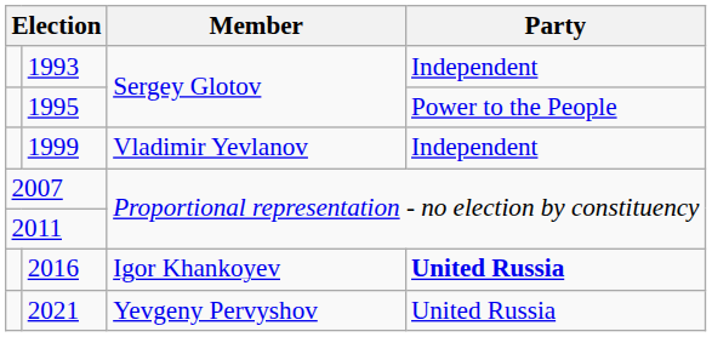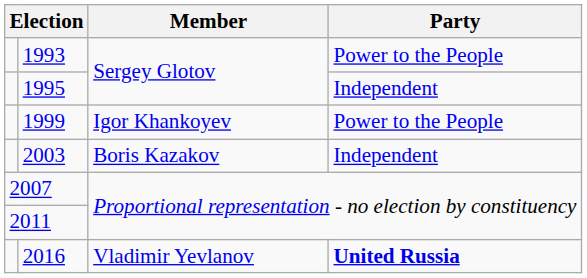 <table class="wikitable">
 <tr>
 <th colspan="2">Election</th>
 <th>Member</th>
 <th>Party</th>
 </tr>
 <tr>
 <td style="background-color: "></td>
 <td><a href='#'>1993</a></td>
 <td rowspan=2><a href='#'>Sergey Glotov</a></td>
+<td><a href='#'>Power to the People</a></td>
+</tr>
+<tr>
+<td style="background-color: "></td>
+<td><a href='#'>1995</a></td>
 <td><a href='#'>Independent</a></td>
 </tr>
 <tr>
 <td style="background-color: "></td>
-<td><a href='#'>1995</a></td>
+<td><a href='#'>1999</a></td>
+<td><a href='#'>Igor Khankoyev</a></td>
 <td><a href='#'>Power to the People</a></td>
 </tr>
 <tr>
 <td style="background-color: "></td>
-<td><a href='#'>1999</a></td>
-<td><a href='#'>Vladimir Yevlanov</a></td>
+<td><a href='#'>2003</a></td>
+<td><a href='#'>Boris Kazakov</a></td>
 <td><a href='#'>Independent</a></td>
 </tr>
 <tr>
 <td colspan=2><a href='#'>2007</a></td>
 <td colspan=2 rowspan=2><em><a href='#'>Proportional representation</a> - no election by constituency</em></td>
 </tr>
 <tr>
 <td colspan=2><a href='#'>2011</a></td>
 </tr>
 <tr>
 <td style="background-color: "></td>
 <td><a href='#'>2016</a></td>
-<td><a href='#'>Igor Khankoyev</a></td>
+<td><a href='#'>Vladimir Yevlanov</a></td>
 <td><strong><a href='#'>United Russia</a></strong></td>
 </tr>
-<tr>
-<td style="background-color: "></td>
-<td><a href='#'>2021</a></td>
-<td><a href='#'>Yevgeny Pervyshov</a></td>
-<td><a href='#'>United Russia</a></td>
-</tr>
 </table>
